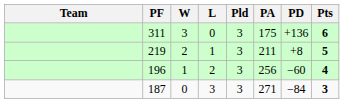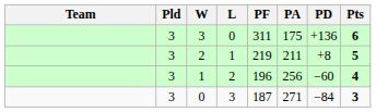 <table class=wikitable style="text-align:center">
 <tr>
 <th width=180>Team</th>
-<th width=30>PF</th>
+<th width=30>Pld</th>
 <th width=30>W</th>
 <th width=30>L</th>
-<th width=30>Pld</th>
+<th width=30>PF</th>
 <th width=30>PA</th>
 <th width=30>PD</th>
 <th width=30>Pts</th>
 </tr>
 <tr bgcolor="#ccffcc">
 <td align=left></td>
-<td>311</td>
+<td>3</td>
 <td>3</td>
 <td>0</td>
-<td>3</td>
+<td>311</td>
 <td>175</td>
 <td>+136</td>
 <td><strong>6</strong></td>
 </tr>
 <tr bgcolor="#ccffcc">
 <td align=left></td>
-<td>219</td>
+<td>3</td>
 <td>2</td>
 <td>1</td>
-<td>3</td>
+<td>219</td>
 <td>211</td>
 <td>+8</td>
 <td><strong>5</strong></td>
 </tr>
 <tr bgcolor="#ccffcc">
 <td align=left></td>
-<td>196</td>
+<td>3</td>
 <td>1</td>
 <td>2</td>
-<td>3</td>
+<td>196</td>
 <td>256</td>
 <td>−60</td>
 <td><strong>4</strong></td>
 </tr>
 <tr>
 <td align=left></td>
-<td>187</td>
+<td>3</td>
 <td>0</td>
 <td>3</td>
-<td>3</td>
+<td>187</td>
 <td>271</td>
 <td>−84</td>
 <td><strong>3</strong></td>
 </tr>
 </table>
